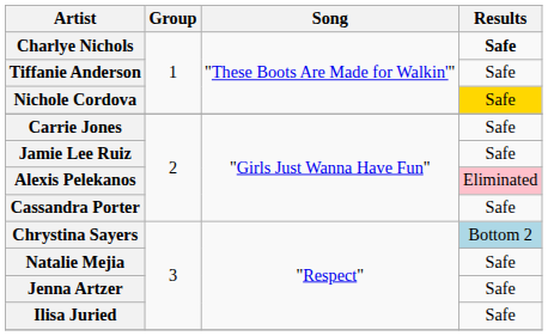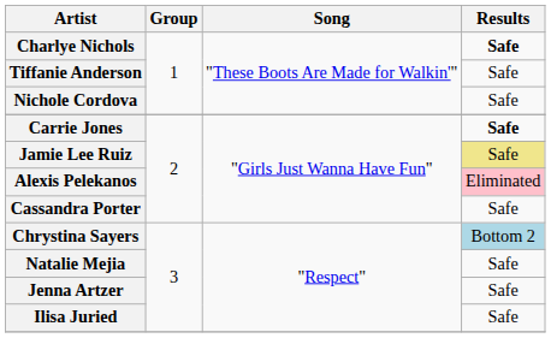 <table class="wikitable plainrowheaders" style="text-align:center;">
 <tr>
 <th scope="col">Artist</th>
 <th scope="col">Group</th>
 <th scope="col">Song</th>
 <th scope="col">Results</th>
 </tr>
 <tr>
 <th scope="row">Charlye Nichols</th>
 <td rowspan="3">1</td>
 <td rowspan="3">"<a href='#'>These Boots Are Made for Walkin'</a>"</td>
 <td><strong>Safe</strong></td>
 </tr>
 <tr>
 <th scope="row">Tiffanie Anderson</th>
 <td>Safe</td>
 </tr>
 <tr>
 <th scope="row">Nichole Cordova</th>
-<td style="background: gold;">Safe</td>
+<td>Safe</td>
 </tr>
 <tr>
 </tr>
 <tr>
 <th scope="row">Carrie Jones</th>
 <td rowspan="4">2</td>
 <td rowspan="4">"<a href='#'>Girls Just Wanna Have Fun</a>"</td>
-<td>Safe</td>
+<td><strong>Safe</strong></td>
 </tr>
 <tr>
 <th scope="row">Jamie Lee Ruiz</th>
-<td>Safe</td>
+<td style="background: khaki;">Safe</td>
 </tr>
 <tr>
 <th scope="row">Alexis Pelekanos</th>
 <td style="background:pink;">Eliminated</td>
 </tr>
 <tr>
 <th scope="row">Cassandra Porter</th>
 <td>Safe</td>
 </tr>
 <tr>
 <th scope="row">Chrystina Sayers</th>
 <td rowspan="4">3</td>
 <td rowspan="4">"<a href='#'>Respect</a>"</td>
 <td style="background:lightblue;">Bottom 2</td>
 </tr>
 <tr>
 <th scope="row">Natalie Mejia</th>
 <td>Safe</td>
 </tr>
 <tr>
 <th scope="row">Jenna Artzer</th>
 <td>Safe</td>
 </tr>
 <tr>
 <th scope="row">Ilisa Juried</th>
 <td>Safe</td>
 </tr>
 <tr>
 </tr>
 </table>
